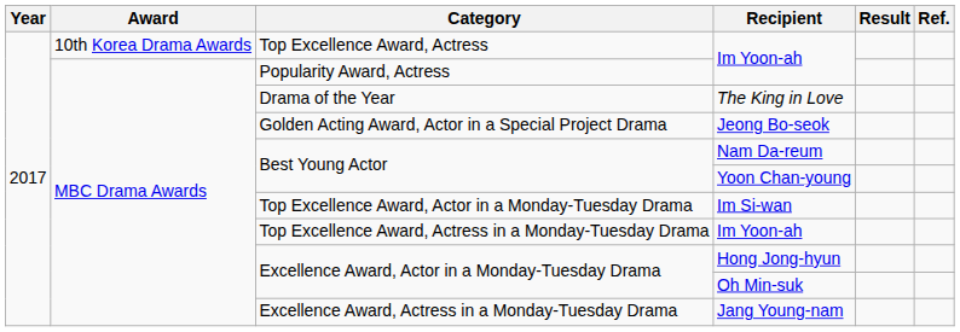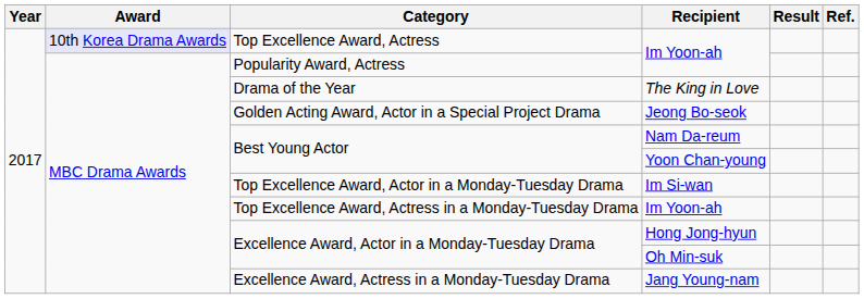 <table class="wikitable">
 <tr>
 <th>Year</th>
 <th>Award</th>
 <th>Category</th>
 <th>Recipient</th>
 <th>Result</th>
 <th>Ref.</th>
 </tr>
 <tr>
 <td rowspan="11">2017</td>
-<td>10th <a href='#'>Korea Drama Awards</a></td>
+<td style="background: lavender;">10th <a href='#'>Korea Drama Awards</a></td>
 <td>Top Excellence Award, Actress</td>
 <td rowspan="2"><a href='#'>Im Yoon-ah</a></td>
 <td></td>
 <td></td>
 </tr>
 <tr>
 <td rowspan="10"><a href='#'>MBC Drama Awards</a></td>
 <td>Popularity Award, Actress</td>
 <td></td>
 <td></td>
 </tr>
 <tr>
 <td>Drama of the Year</td>
 <td><em>The King in Love</em></td>
 <td></td>
 <td></td>
 </tr>
 <tr>
 <td>Golden Acting Award, Actor in a Special Project Drama</td>
 <td><a href='#'>Jeong Bo-seok</a></td>
 <td></td>
 <td></td>
 </tr>
 <tr>
 <td rowspan="2">Best Young Actor</td>
 <td><a href='#'>Nam Da-reum</a></td>
 <td></td>
 <td></td>
 </tr>
 <tr>
 <td><a href='#'>Yoon Chan-young</a></td>
 <td></td>
 <td></td>
 </tr>
 <tr>
 <td>Top Excellence Award, Actor in a Monday-Tuesday Drama</td>
 <td><a href='#'>Im Si-wan</a></td>
 <td></td>
 <td></td>
 </tr>
 <tr>
 <td>Top Excellence Award, Actress in a Monday-Tuesday Drama</td>
 <td><a href='#'>Im Yoon-ah</a></td>
 <td></td>
 <td></td>
 </tr>
 <tr>
 <td rowspan="2">Excellence Award, Actor in a Monday-Tuesday Drama</td>
 <td><a href='#'>Hong Jong-hyun</a></td>
 <td></td>
 <td></td>
 </tr>
 <tr>
 <td><a href='#'>Oh Min-suk</a></td>
 <td></td>
 <td></td>
 </tr>
 <tr>
 <td>Excellence Award, Actress in a Monday-Tuesday Drama</td>
 <td><a href='#'>Jang Young-nam</a></td>
 <td></td>
 <td></td>
 </tr>
 </table>
